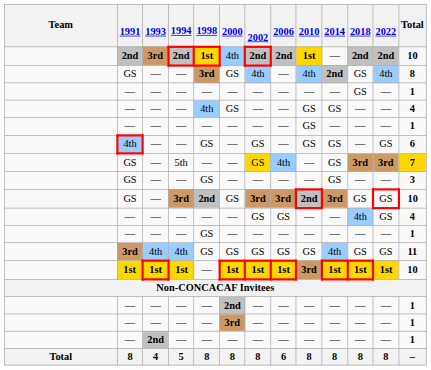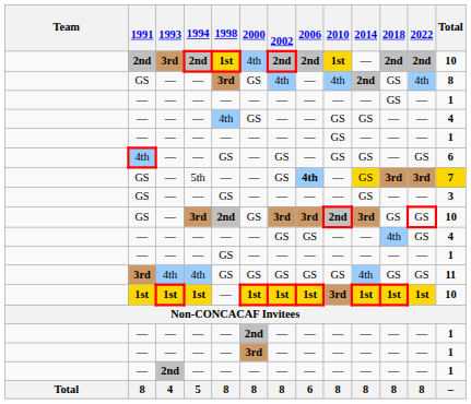 <table class="wikitable" style="text-align:center; font-size:90%">
 <tr>
 <th width=150>Team</th>
 <th><br><a href='#'>1991</a></th>
 <th><br><a href='#'>1993</a></th>
 <th><br><a href='#'>1994</a></th>
 <th><br><a href='#'>1998</a></th>
 <th><br><a href='#'>2000</a></th>
 <th><br><br><a href='#'>2002</a></th>
 <th><br><a href='#'>2006</a></th>
 <th><br><a href='#'>2010</a></th>
 <th><br><a href='#'>2014</a></th>
 <th><br><a href='#'>2018</a></th>
 <th><br><a href='#'>2022</a></th>
 <th>Total</th>
 </tr>
 <tr>
 <td align=left></td>
 <td bgcolor=Silver><strong>2nd</strong></td>
 <td bgcolor=#cc9966><strong>3rd</strong></td>
 <td style="border: 3px solid red" bgcolor=Silver><strong>2nd</strong></td>
 <td style="border: 3px solid red" bgcolor=Gold><strong>1st</strong></td>
 <td bgcolor=#9acdff>4th</td>
 <td style="border: 3px solid red" bgcolor=Silver><strong>2nd</strong></td>
 <td bgcolor=Silver><strong>2nd</strong></td>
 <td bgcolor=Gold><strong>1st</strong></td>
 <td>—</td>
 <td bgcolor=Silver><strong>2nd</strong></td>
 <td bgcolor=Silver><strong>2nd</strong></td>
 <td><strong>10</strong></td>
 </tr>
 <tr>
 <td align=left></td>
 <td>GS</td>
 <td>—</td>
 <td>—</td>
 <td bgcolor=#cc9966><strong>3rd</strong></td>
 <td>GS</td>
 <td bgcolor=#9acdff>4th</td>
 <td>—</td>
 <td bgcolor=#9acdff>4th</td>
 <td bgcolor=Silver><strong>2nd</strong></td>
 <td>GS</td>
 <td bgcolor=#9acdff>4th</td>
 <td><strong>8</strong></td>
 </tr>
 <tr>
 <td align=left></td>
 <td>—</td>
 <td>—</td>
 <td>—</td>
 <td>—</td>
 <td>—</td>
 <td>—</td>
 <td>—</td>
 <td>—</td>
 <td>—</td>
 <td>GS</td>
 <td>—</td>
 <td><strong>1</strong></td>
 </tr>
 <tr>
 <td align=left></td>
 <td>—</td>
 <td>—</td>
 <td>—</td>
 <td bgcolor=#9acdff>4th</td>
 <td>GS</td>
 <td>—</td>
 <td>—</td>
 <td>GS</td>
 <td>GS</td>
 <td>—</td>
 <td>—</td>
 <td><strong>4</strong></td>
 </tr>
 <tr>
 <td align=left></td>
 <td>—</td>
 <td>—</td>
 <td>—</td>
 <td>—</td>
 <td>—</td>
 <td>—</td>
 <td>—</td>
 <td>GS</td>
 <td>—</td>
 <td>—</td>
 <td>—</td>
 <td><strong>1</strong></td>
 </tr>
 <tr>
 <td align=left></td>
 <td style="border: 3px solid red" bgcolor=#9acdff>4th</td>
 <td>—</td>
 <td>—</td>
 <td>GS</td>
 <td>—</td>
 <td>GS</td>
 <td>—</td>
 <td>GS</td>
 <td>GS</td>
 <td>—</td>
 <td>GS</td>
 <td><strong>6</strong></td>
 </tr>
 <tr>
 <td align=left></td>
 <td>GS</td>
 <td>—</td>
 <td>5th</td>
 <td>—</td>
 <td>—</td>
+<td>GS</td>
+<td bgcolor=#9acdff><strong>4th</strong></td>
+<td>—</td>
 <td style="background: gold;">GS</td>
-<td bgcolor=#9acdff>4th</td>
-<td>—</td>
-<td>GS</td>
 <td bgcolor=#cc9966><strong>3rd</strong></td>
 <td bgcolor=#cc9966><strong>3rd</strong></td>
 <td style="background: gold;"><strong>7</strong></td>
 </tr>
 <tr>
 <td align=left></td>
 <td>GS</td>
 <td>—</td>
 <td>—</td>
 <td>GS</td>
 <td>—</td>
 <td>—</td>
 <td>—</td>
 <td>—</td>
 <td>GS</td>
 <td>—</td>
 <td>—</td>
 <td><strong>3</strong></td>
 </tr>
 <tr>
 <td align=left></td>
 <td>GS</td>
 <td>—</td>
 <td bgcolor=#cc9966><strong>3rd</strong></td>
 <td bgcolor=Silver><strong>2nd</strong></td>
 <td>GS</td>
 <td bgcolor=#cc9966><strong>3rd</strong></td>
 <td bgcolor=#cc9966><strong>3rd</strong></td>
 <td style="border: 3px solid red" bgcolor=Silver><strong>2nd</strong></td>
 <td bgcolor=#cc9966><strong>3rd</strong></td>
 <td>GS</td>
 <td style="border: 3px solid red">GS</td>
 <td><strong>10</strong></td>
 </tr>
 <tr>
 <td align=left></td>
 <td>—</td>
 <td>—</td>
 <td>—</td>
 <td>—</td>
 <td>—</td>
 <td>GS</td>
 <td>GS</td>
 <td>—</td>
 <td>—</td>
 <td bgcolor=#9acdff>4th</td>
 <td>GS</td>
 <td><strong>4</strong></td>
 </tr>
 <tr>
 <td align=left></td>
 <td>—</td>
 <td>—</td>
 <td>—</td>
 <td>GS</td>
 <td>—</td>
 <td>—</td>
 <td>—</td>
 <td>—</td>
 <td>—</td>
 <td>—</td>
 <td>—</td>
 <td><strong>1</strong></td>
 </tr>
 <tr>
 <td align=left></td>
 <td bgcolor=#cc9966><strong>3rd</strong></td>
 <td bgcolor=#9acdff>4th</td>
 <td bgcolor=#9acdff>4th</td>
 <td>GS</td>
 <td>GS</td>
 <td>GS</td>
 <td>GS</td>
 <td>GS</td>
 <td bgcolor=#9acdff>4th</td>
 <td>GS</td>
 <td>GS</td>
 <td><strong>11</strong></td>
 </tr>
 <tr>
 <td align=left></td>
 <td bgcolor=Gold><strong>1st</strong></td>
 <td style="border: 3px solid red" bgcolor=Gold><strong>1st</strong></td>
 <td bgcolor=Gold><strong>1st</strong></td>
 <td>—</td>
 <td style="border: 3px solid red" bgcolor=Gold><strong>1st</strong></td>
 <td style="border: 3px solid red" bgcolor=Gold><strong>1st</strong></td>
 <td style="border: 3px solid red" bgcolor=Gold><strong>1st</strong></td>
 <td bgcolor=#cc9966><strong>3rd</strong></td>
 <td style="border: 3px solid red" bgcolor=Gold><strong>1st</strong></td>
 <td style="border: 3px solid red" bgcolor=Gold><strong>1st</strong></td>
 <td bgcolor=Gold><strong>1st</strong></td>
 <td><strong>10</strong></td>
 </tr>
 <tr>
 <th colspan=13>Non-CONCACAF Invitees</th>
 </tr>
 <tr>
 <td align=left></td>
 <td>—</td>
 <td>—</td>
 <td>—</td>
 <td>—</td>
 <td bgcolor=Silver><strong>2nd</strong></td>
 <td>—</td>
 <td>—</td>
 <td>—</td>
 <td>—</td>
 <td>—</td>
 <td>—</td>
 <td><strong>1</strong></td>
 </tr>
 <tr>
 <td align=left></td>
 <td>—</td>
 <td>—</td>
 <td>—</td>
 <td>—</td>
 <td bgcolor=#cc9966><strong>3rd</strong></td>
 <td>—</td>
 <td>—</td>
 <td>—</td>
 <td>—</td>
 <td>—</td>
 <td>—</td>
 <td><strong>1</strong></td>
 </tr>
 <tr>
 <td align=left></td>
 <td>—</td>
 <td bgcolor=Silver><strong>2nd</strong></td>
 <td>—</td>
 <td>—</td>
 <td>—</td>
 <td>—</td>
 <td>—</td>
 <td>—</td>
 <td>—</td>
 <td>—</td>
 <td>—</td>
 <td><strong>1</strong></td>
 </tr>
 <tr>
 <th>Total</th>
 <th>8</th>
 <th>4</th>
 <th>5</th>
 <th>8</th>
 <th>8</th>
 <th>8</th>
 <th>6</th>
 <th>8</th>
 <th>8</th>
 <th>8</th>
 <th>8</th>
 <th>–</th>
 </tr>
 </table>
